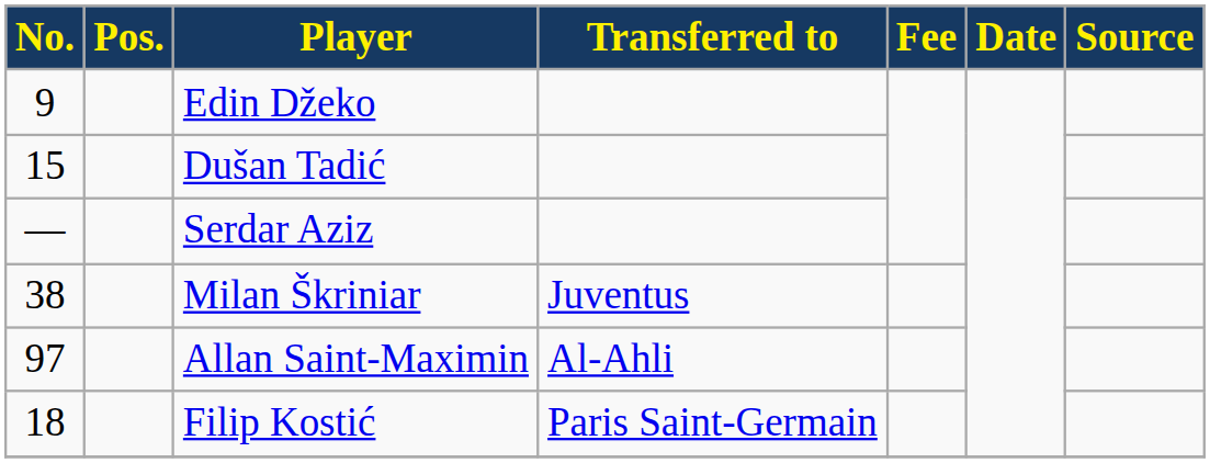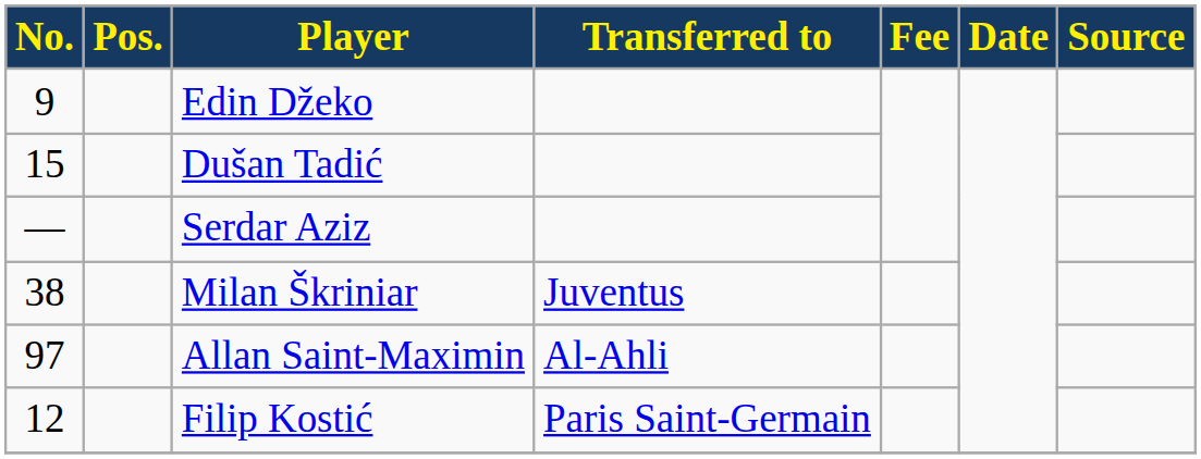 <table class="wikitable plainrowheaders sortable">
 <tr>
 <th style="background:#163962; color:#FFF000; ">No.</th>
 <th style="background:#163962; color:#FFF000; ">Pos.</th>
 <th style="background:#163962; color:#FFF000; ">Player</th>
 <th style="background:#163962; color:#FFF000; ">Transferred to</th>
 <th style="background:#163962; color:#FFF000; ">Fee</th>
 <th style="background:#163962; color:#FFF000; ">Date</th>
 <th style="background:#163962; color:#FFF000; ">Source</th>
 </tr>
 <tr>
 <td align=center>9</td>
 <td align=center></td>
 <td> <a href='#'>Edin Džeko</a></td>
 <td></td>
 <td rowspan=3></td>
 <td rowspan=6></td>
 <td align=center></td>
 </tr>
 <tr>
 <td align=center>15</td>
 <td align=center></td>
 <td> <a href='#'>Dušan Tadić</a></td>
 <td></td>
 <td align=center></td>
 </tr>
 <tr>
 <td align=center>—</td>
 <td align=center></td>
 <td> <a href='#'>Serdar Aziz</a></td>
 <td></td>
 <td align=center></td>
 </tr>
 <tr>
 <td align=center>38</td>
 <td align=center></td>
 <td> <a href='#'>Milan Škriniar</a></td>
 <td> <a href='#'>Juventus</a></td>
 <td></td>
 <td align=center></td>
 </tr>
 <tr>
 <td align=center>97</td>
 <td align=center></td>
 <td> <a href='#'>Allan Saint-Maximin</a></td>
 <td> <a href='#'>Al-Ahli</a></td>
 <td></td>
 <td align=center></td>
 </tr>
 <tr>
-<td align=center>18</td>
+<td align=center>12</td>
 <td align=center></td>
 <td> <a href='#'>Filip Kostić</a></td>
 <td> <a href='#'>Paris Saint-Germain</a></td>
 <td></td>
 <td align=center></td>
 </tr>
 <tr>
 </tr>
 </table>
